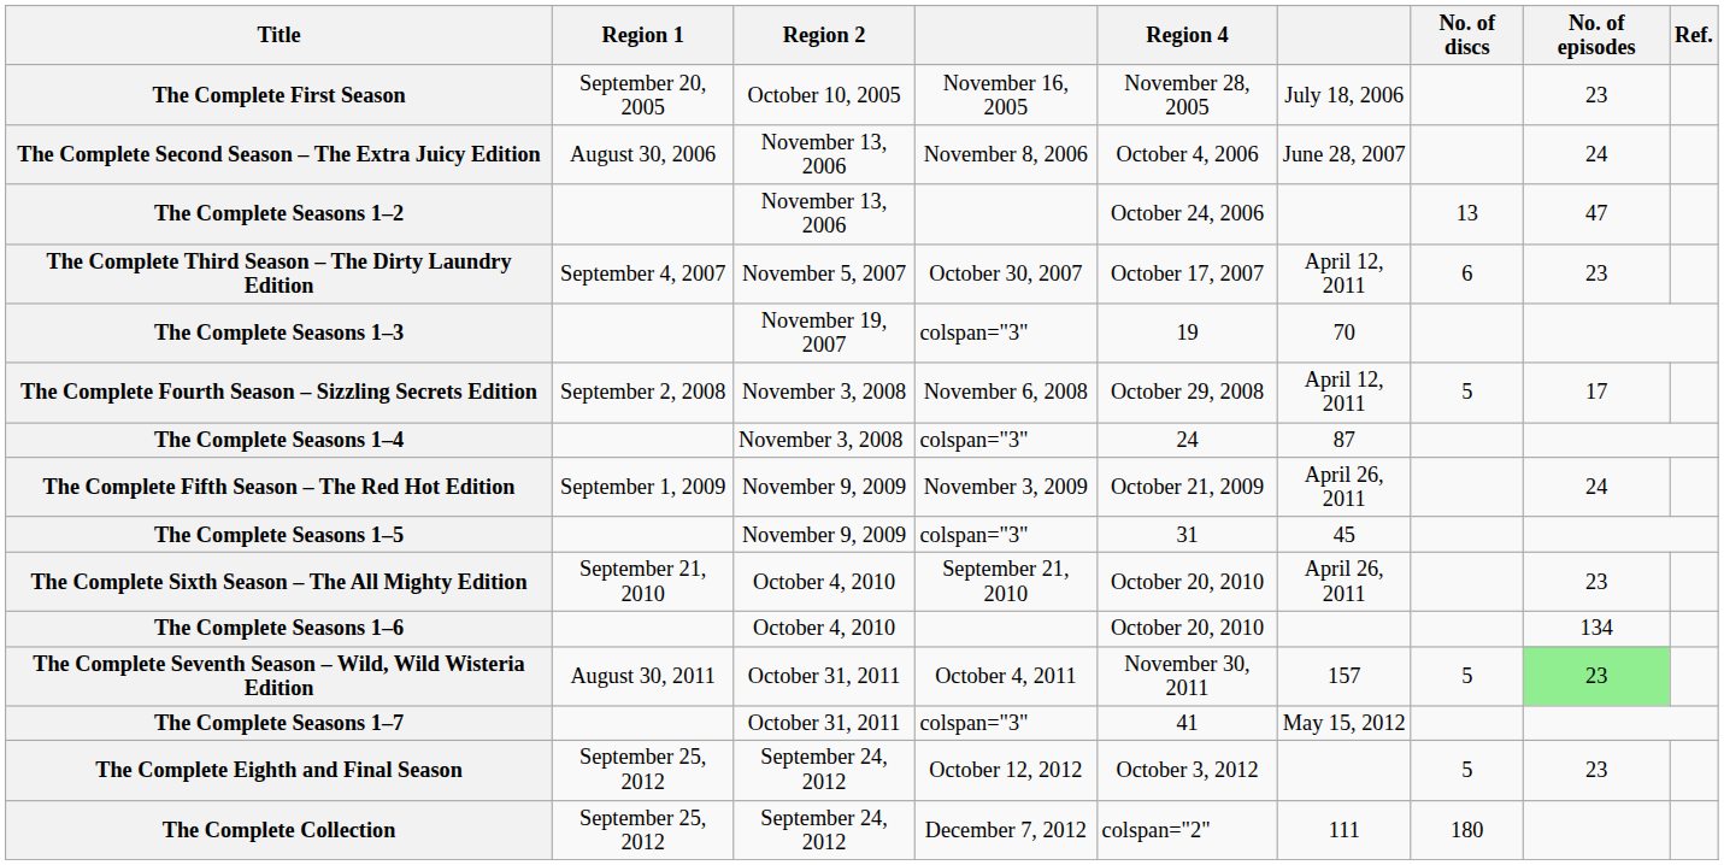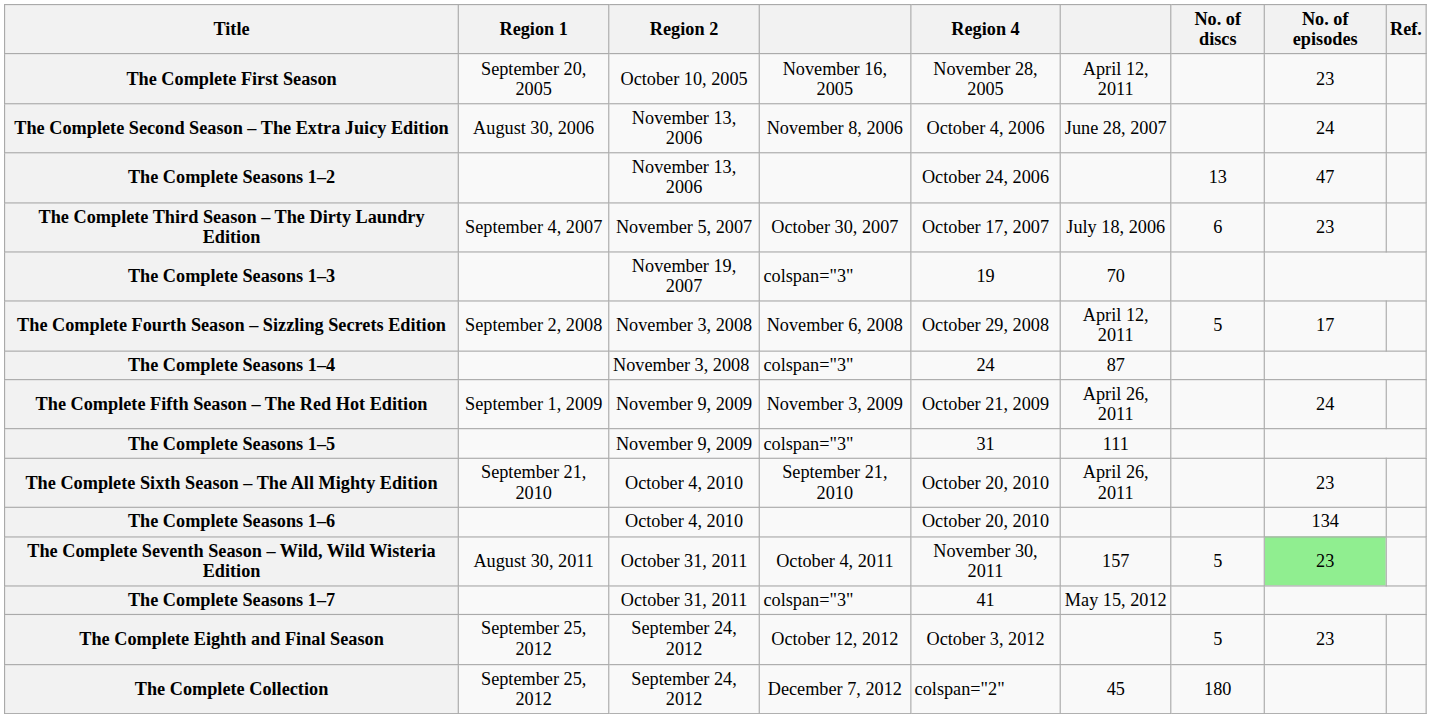 <table class="wikitable">
 <tr>
 <th scope="col">Title</th>
 <th scope="col">Region 1</th>
 <th scope="col">Region 2</th>
 <th scope="col"></th>
 <th scope="col">Region 4</th>
 <th scope="col"></th>
 <th scope="col">No. of discs</th>
 <th scope="col">No. of episodes</th>
 <th scope="col">Ref.</th>
 </tr>
 <tr>
 <th scope="row" align="center">The Complete First Season</th>
 <td align="center">September 20, 2005</td>
 <td align="center">October 10, 2005</td>
 <td align="center">November 16, 2005</td>
 <td align="center">November 28, 2005</td>
-<td align="center">July 18, 2006</td>
+<td align="center">April 12, 2011</td>
 <td align="center"></td>
 <td align="center">23</td>
 <td align="center"></td>
 </tr>
 <tr>
 <th scope="row" align="center">The Complete Second Season – The Extra Juicy Edition</th>
 <td align="center">August 30, 2006</td>
 <td align="center">November 13, 2006</td>
 <td align="center">November 8, 2006</td>
 <td align="center">October 4, 2006</td>
 <td align="center">June 28, 2007</td>
 <td align="center"></td>
 <td align="center">24</td>
 <td align="center"></td>
 </tr>
 <tr>
 <th scope="row" align="center">The Complete Seasons 1–2</th>
 <td></td>
 <td align="center">November 13, 2006</td>
 <td></td>
 <td align="center">October 24, 2006</td>
 <td></td>
 <td align="center">13</td>
 <td align="center">47</td>
 <td align="center"></td>
 </tr>
 <tr>
 <th scope="row" align="center">The Complete Third Season – The Dirty Laundry Edition</th>
 <td align="center">September 4, 2007</td>
 <td align="center">November 5, 2007</td>
 <td align="center">October 30, 2007</td>
 <td align="center">October 17, 2007</td>
-<td align="center">April 12, 2011</td>
+<td align="center">July 18, 2006</td>
 <td align="center">6</td>
 <td align="center">23</td>
 <td align="center"></td>
 </tr>
 <tr>
 <th scope="row" align="center">The Complete Seasons 1–3</th>
 <td></td>
 <td align="center">November 19, 2007</td>
 <td>colspan="3" </td>
 <td align="center">19</td>
 <td align="center">70</td>
 <td align="center"></td>
 </tr>
 <tr>
 <th scope="row" align="center">The Complete Fourth Season – Sizzling Secrets Edition</th>
 <td align="center">September 2, 2008</td>
 <td align="center">November 3, 2008</td>
 <td align="center">November 6, 2008</td>
 <td align="center">October 29, 2008</td>
 <td align="center">April 12, 2011</td>
 <td align="center">5</td>
 <td align="center">17</td>
 <td align="center"></td>
 </tr>
 <tr>
 <th scope="row" align="center">The Complete Seasons 1–4</th>
 <td></td>
 <td>November 3, 2008</td>
 <td>colspan="3" </td>
 <td align="center">24</td>
 <td align="center">87</td>
 <td align="center"></td>
 </tr>
 <tr>
 <th scope="row" align="center">The Complete Fifth Season – The Red Hot Edition</th>
 <td align="center">September 1, 2009</td>
 <td align="center">November 9, 2009</td>
 <td align="center">November 3, 2009</td>
 <td align="center">October 21, 2009</td>
 <td align="center">April 26, 2011</td>
 <td align="center"></td>
 <td align="center">24</td>
 <td align="center"></td>
 </tr>
 <tr>
 <th scope="row" align="center">The Complete Seasons 1–5</th>
 <td></td>
 <td align="center">November 9, 2009</td>
 <td>colspan="3" </td>
 <td align="center">31</td>
-<td align="center">45</td>
+<td align="center">111</td>
 <td align="center"></td>
 </tr>
 <tr>
 <th scope="row" align="center">The Complete Sixth Season – The All Mighty Edition</th>
 <td align="center">September 21, 2010</td>
 <td align="center">October 4, 2010</td>
 <td align="center">September 21, 2010</td>
 <td align="center">October 20, 2010</td>
 <td align="center">April 26, 2011</td>
 <td align="center"></td>
 <td align="center">23</td>
 <td align="center"></td>
 </tr>
 <tr>
 <th scope="row" align="center">The Complete Seasons 1–6</th>
 <td></td>
 <td align="center">October 4, 2010</td>
 <td></td>
 <td align="center">October 20, 2010</td>
 <td></td>
 <td align="center"></td>
 <td align="center">134</td>
 <td align="center"></td>
 </tr>
 <tr>
 <th scope="row" align="center">The Complete Seventh Season – Wild, Wild Wisteria Edition</th>
 <td align="center">August 30, 2011</td>
 <td align="center">October 31, 2011</td>
 <td align="center">October 4, 2011</td>
 <td align="center">November 30, 2011</td>
 <td align="center">157</td>
 <td align="center">5</td>
 <td align="center" style="background: lightgreen;">23</td>
 <td align="center"></td>
 </tr>
 <tr>
 <th scope="row" align="center">The Complete Seasons 1–7</th>
 <td></td>
 <td align="center">October 31, 2011</td>
 <td>colspan="3" </td>
 <td align="center">41</td>
 <td align="center">May 15, 2012</td>
 <td align="center"></td>
 </tr>
 <tr>
 <th scope="row" align="center">The Complete Eighth and Final Season</th>
 <td align="center">September 25, 2012</td>
 <td align="center">September 24, 2012</td>
 <td align="center">October 12, 2012</td>
 <td align="center">October 3, 2012</td>
 <td></td>
 <td align="center">5</td>
 <td align="center">23</td>
 <td align="center"></td>
 </tr>
 <tr>
 <th scope="row" align="center">The Complete Collection</th>
 <td align="center">September 25, 2012</td>
 <td align="center">September 24, 2012</td>
 <td align="center">December 7, 2012</td>
 <td>colspan="2" </td>
-<td align="center">111</td>
+<td align="center">45</td>
 <td align="center">180</td>
 <td align="center"></td>
 </tr>
 </table>
